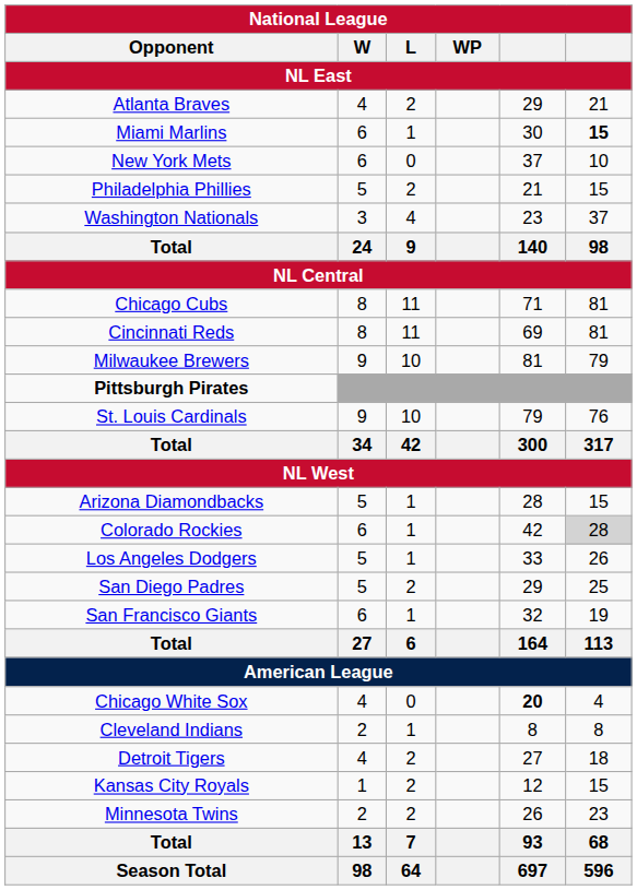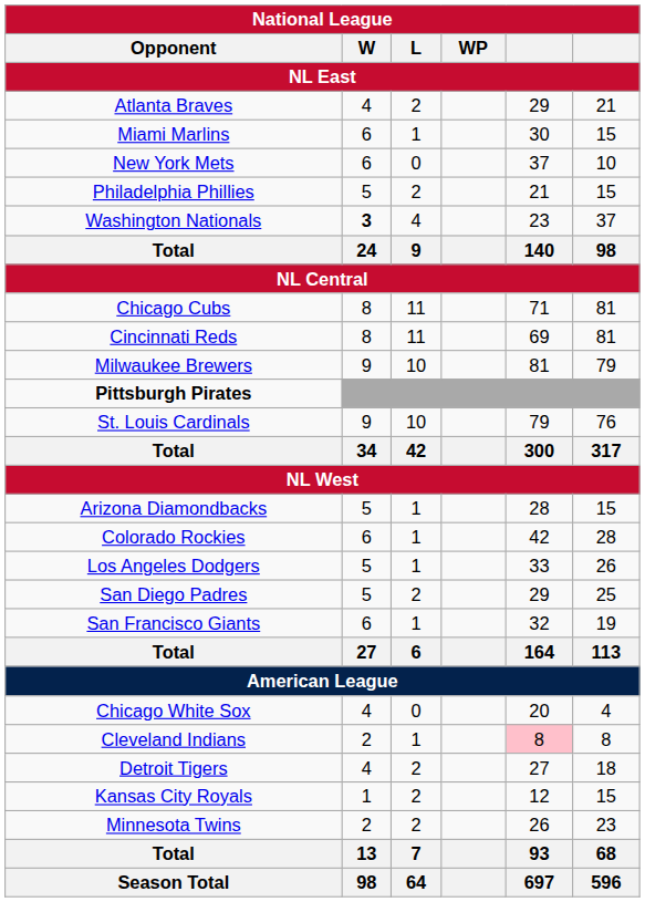 <table class="wikitable" style="font-size:95%; text-align:center; width:35em;margin:0.5em auto;">
 <tr>
 <th colspan="7" style="background:#c60c30; color:#ffffff;">National League</th>
 </tr>
 <tr>
 <th>Opponent</th>
 <th>W</th>
 <th>L</th>
 <th>WP</th>
 <th></th>
 <th></th>
 </tr>
 <tr>
 <th colspan="7" style="background:#c60c30; color:#ffffff;">NL East</th>
 </tr>
 <tr>
 <td><a href='#'>Atlanta Braves</a></td>
 <td>4</td>
 <td>2</td>
 <td></td>
 <td>29</td>
 <td>21</td>
 </tr>
 <tr>
 <td><a href='#'>Miami Marlins</a></td>
 <td>6</td>
 <td>1</td>
 <td></td>
 <td>30</td>
-<td><strong>15</strong></td>
+<td>15</td>
 </tr>
 <tr>
 <td><a href='#'>New York Mets</a></td>
 <td>6</td>
 <td>0</td>
 <td></td>
 <td>37</td>
 <td>10</td>
 </tr>
 <tr>
 <td><a href='#'>Philadelphia Phillies</a></td>
 <td>5</td>
 <td>2</td>
 <td></td>
 <td>21</td>
 <td>15</td>
 </tr>
 <tr>
 <td><a href='#'>Washington Nationals</a></td>
-<td>3</td>
+<td><strong>3</strong></td>
 <td>4</td>
 <td></td>
 <td>23</td>
 <td>37</td>
 </tr>
 <tr>
 <th>Total</th>
 <th>24</th>
 <th>9</th>
 <th></th>
 <th>140</th>
 <th>98</th>
 </tr>
 <tr>
 <th colspan="7" style="background:#c60c30; color:#ffffff;">NL Central</th>
 </tr>
 <tr>
 <td><a href='#'>Chicago Cubs</a></td>
 <td>8</td>
 <td>11</td>
 <td></td>
 <td>71</td>
 <td>81</td>
 </tr>
 <tr>
 <td><a href='#'>Cincinnati Reds</a></td>
 <td>8</td>
 <td>11</td>
 <td></td>
 <td>69</td>
 <td>81</td>
 </tr>
 <tr>
 <td><a href='#'>Milwaukee Brewers</a></td>
 <td>9</td>
 <td>10</td>
 <td></td>
 <td>81</td>
 <td>79</td>
 </tr>
 <tr>
 <td><strong>Pittsburgh Pirates</strong></td>
 <td colspan=5 style="background:darkgray;"></td>
 </tr>
 <tr>
 <td><a href='#'>St. Louis Cardinals</a></td>
 <td>9</td>
 <td>10</td>
 <td></td>
 <td>79</td>
 <td>76</td>
 </tr>
 <tr>
 <th>Total</th>
 <th>34</th>
 <th>42</th>
 <th></th>
 <th>300</th>
 <th>317</th>
 </tr>
 <tr>
 <th colspan="7" style="background:#c60c30; color:#ffffff;">NL West</th>
 </tr>
 <tr>
 <td><a href='#'>Arizona Diamondbacks</a></td>
 <td>5</td>
 <td>1</td>
 <td></td>
 <td>28</td>
 <td>15</td>
 </tr>
 <tr>
 <td><a href='#'>Colorado Rockies</a></td>
 <td>6</td>
 <td>1</td>
 <td></td>
 <td>42</td>
-<td style="background: lightgrey;">28</td>
+<td>28</td>
 </tr>
 <tr>
 <td><a href='#'>Los Angeles Dodgers</a></td>
 <td>5</td>
 <td>1</td>
 <td></td>
 <td>33</td>
 <td>26</td>
 </tr>
 <tr>
 <td><a href='#'>San Diego Padres</a></td>
 <td>5</td>
 <td>2</td>
 <td></td>
 <td>29</td>
 <td>25</td>
 </tr>
 <tr>
 <td><a href='#'>San Francisco Giants</a></td>
 <td>6</td>
 <td>1</td>
 <td></td>
 <td>32</td>
 <td>19</td>
 </tr>
 <tr>
 <th>Total</th>
 <th>27</th>
 <th>6</th>
 <th></th>
 <th>164</th>
 <th>113</th>
 </tr>
 <tr>
 <th colspan="7" style="background:#03224c; color:#ffffff;">American League</th>
 </tr>
 <tr>
 <td><a href='#'>Chicago White Sox</a></td>
 <td>4</td>
 <td>0</td>
 <td></td>
-<td><strong>20</strong></td>
+<td>20</td>
 <td>4</td>
 </tr>
 <tr>
 <td><a href='#'>Cleveland Indians</a></td>
 <td>2</td>
 <td>1</td>
 <td></td>
-<td>8</td>
+<td style="background: pink;">8</td>
 <td>8</td>
 </tr>
 <tr>
 <td><a href='#'>Detroit Tigers</a></td>
 <td>4</td>
 <td>2</td>
 <td></td>
 <td>27</td>
 <td>18</td>
 </tr>
 <tr>
 <td><a href='#'>Kansas City Royals</a></td>
 <td>1</td>
 <td>2</td>
 <td></td>
 <td>12</td>
 <td>15</td>
 </tr>
 <tr>
 <td><a href='#'>Minnesota Twins</a></td>
 <td>2</td>
 <td>2</td>
 <td></td>
 <td>26</td>
 <td>23</td>
 </tr>
 <tr>
 <th>Total</th>
 <th>13</th>
 <th>7</th>
 <th></th>
 <th>93</th>
 <th>68</th>
 </tr>
 <tr>
 <th>Season Total</th>
 <th>98</th>
 <th>64</th>
 <th></th>
 <th>697</th>
 <th>596</th>
 </tr>
 </table>
